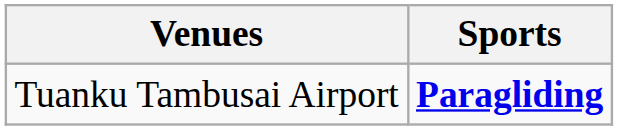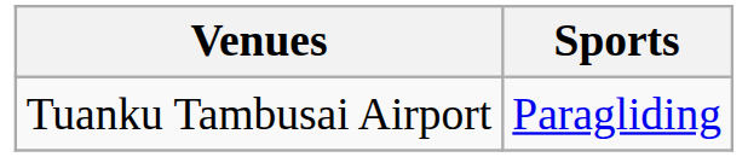 <table class="wikitable" style="margin-left:auto;margin-right:auto">
 <tr>
 <th>Venues</th>
 <th>Sports</th>
 </tr>
 <tr>
 <td>Tuanku Tambusai Airport</td>
-<td><strong><a href='#'>Paragliding</a></strong></td>
+<td><a href='#'>Paragliding</a></td>
 </tr>
 </table>
